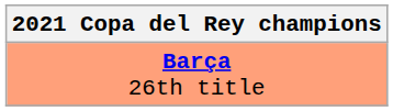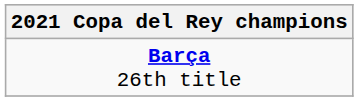 <table class=wikitable style="text-align:center; margin:auto">
 <tr>
 <th>2021 Copa del Rey champions</th>
 </tr>
 <tr>
-<td style="background: lightsalmon;"><strong><a href='#'>Barça</a></strong><br>26th title</td>
+<td><strong><a href='#'>Barça</a></strong><br>26th title</td>
 </tr>
 </table>
